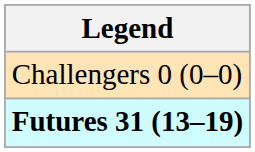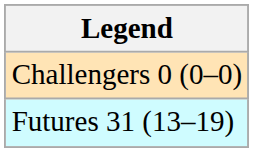 <table class=wikitable style=font-size:97%>
 <tr>
 <th>Legend</th>
 </tr>
 <tr style="background:moccasin;">
 <td>Challengers 0 (0–0)</td>
 </tr>
 <tr style="background:#cffcff;">
-<td><strong>Futures 31 (13–19)</strong></td>
+<td>Futures 31 (13–19)</td>
 </tr>
 </table>
